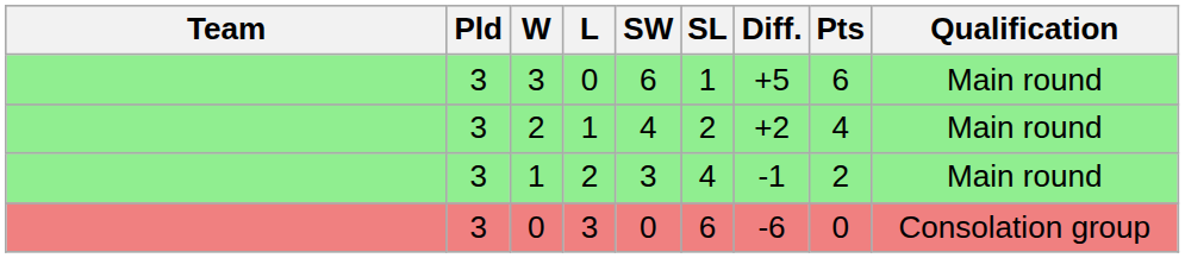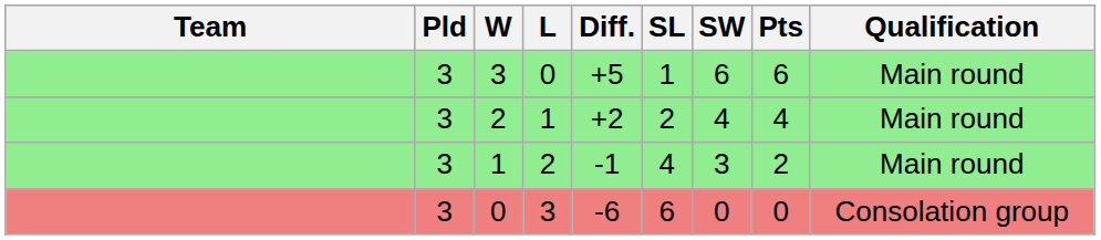 <table class=wikitable style="text-align:center">
 <tr>
 <th width=220>Team</th>
 <th width=20>Pld</th>
 <th width=20>W</th>
 <th width=20>L</th>
+<th width=20>Diff.</th>
+<th width=20>SL</th>
 <th width=20>SW</th>
-<th width=20>SL</th>
-<th width=20>Diff.</th>
 <th width=20>Pts</th>
 <th width=150>Qualification</th>
 </tr>
 <tr bgcolor=90EE90>
 <td align=left></td>
 <td>3</td>
 <td>3</td>
 <td>0</td>
+<td>+5</td>
+<td>1</td>
 <td>6</td>
-<td>1</td>
-<td>+5</td>
 <td>6</td>
 <td>Main round</td>
 </tr>
 <tr bgcolor=90EE90>
 <td align=left></td>
 <td>3</td>
 <td>2</td>
 <td>1</td>
+<td>+2</td>
+<td>2</td>
 <td>4</td>
-<td>2</td>
-<td>+2</td>
 <td>4</td>
 <td>Main round</td>
 </tr>
 <tr bgcolor=90EE90>
 <td align=left></td>
 <td>3</td>
 <td>1</td>
 <td>2</td>
+<td>-1</td>
+<td>4</td>
 <td>3</td>
-<td>4</td>
-<td>-1</td>
 <td>2</td>
 <td>Main round</td>
 </tr>
 <tr bgcolor=F08080>
 <td align=left></td>
 <td>3</td>
 <td>0</td>
 <td>3</td>
+<td>-6</td>
+<td>6</td>
 <td>0</td>
-<td>6</td>
-<td>-6</td>
 <td>0</td>
 <td>Consolation group</td>
 </tr>
 </table>
